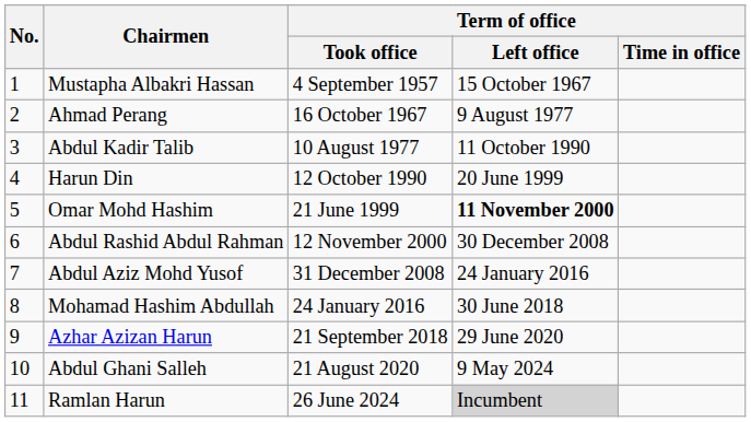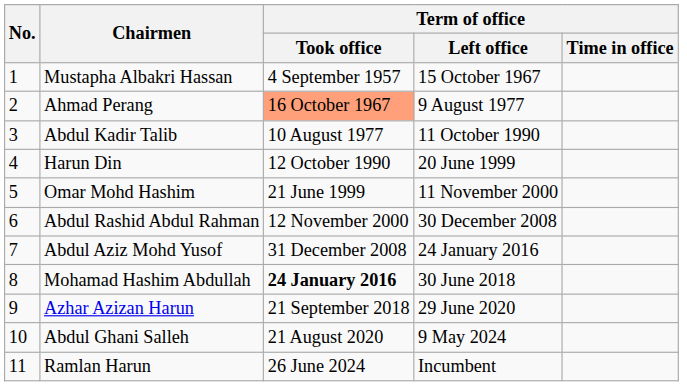 <table class=wikitable>
 <tr style="background:#cccccc">
 <th rowspan=2>No.</th>
 <th rowspan=2>Chairmen</th>
 <th colspan=3>Term of office</th>
 </tr>
 <tr>
 <th>Took office</th>
 <th>Left office</th>
 <th>Time in office</th>
 </tr>
 <tr>
 <td>1</td>
 <td>Mustapha Albakri Hassan</td>
 <td>4 September 1957</td>
 <td>15 October 1967</td>
 <td></td>
 </tr>
 <tr>
 <td>2</td>
 <td>Ahmad Perang</td>
-<td>16 October 1967</td>
+<td style="background: lightsalmon;">16 October 1967</td>
 <td>9 August 1977</td>
 <td></td>
 </tr>
 <tr>
 <td>3</td>
 <td>Abdul Kadir Talib</td>
 <td>10 August 1977</td>
 <td>11 October 1990</td>
 <td></td>
 </tr>
 <tr>
 <td>4</td>
 <td>Harun Din</td>
 <td>12 October 1990</td>
 <td>20 June 1999</td>
 <td></td>
 </tr>
 <tr>
 <td>5</td>
 <td>Omar Mohd Hashim</td>
 <td>21 June 1999</td>
-<td><strong>11 November 2000</strong></td>
+<td>11 November 2000</td>
 <td></td>
 </tr>
 <tr>
 <td>6</td>
 <td>Abdul Rashid Abdul Rahman</td>
 <td>12 November 2000</td>
 <td>30 December 2008</td>
 <td></td>
 </tr>
 <tr>
 <td>7</td>
 <td>Abdul Aziz Mohd Yusof</td>
 <td>31 December 2008</td>
 <td>24 January 2016</td>
 <td></td>
 </tr>
 <tr>
 <td>8</td>
 <td>Mohamad Hashim Abdullah</td>
-<td>24 January 2016</td>
+<td><strong>24 January 2016</strong></td>
 <td>30 June 2018</td>
 <td></td>
 </tr>
 <tr>
 <td>9</td>
 <td><a href='#'>Azhar Azizan Harun</a></td>
 <td>21 September 2018</td>
 <td>29 June 2020</td>
 <td></td>
 </tr>
 <tr>
 <td>10</td>
 <td>Abdul Ghani Salleh</td>
 <td>21 August 2020</td>
 <td>9 May 2024</td>
 <td></td>
 </tr>
 <tr>
 <td>11</td>
 <td>Ramlan Harun</td>
 <td>26 June 2024</td>
-<td style="background: lightgrey;">Incumbent</td>
+<td>Incumbent</td>
 <td></td>
 </tr>
 </table>
